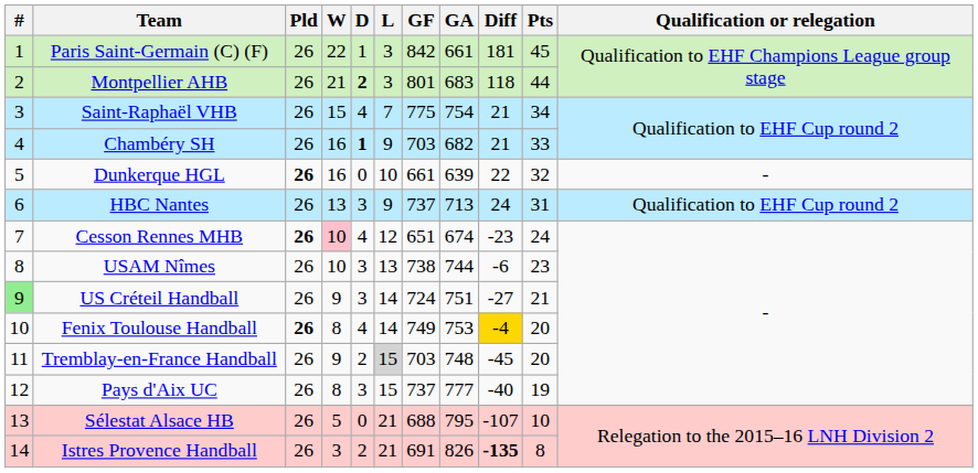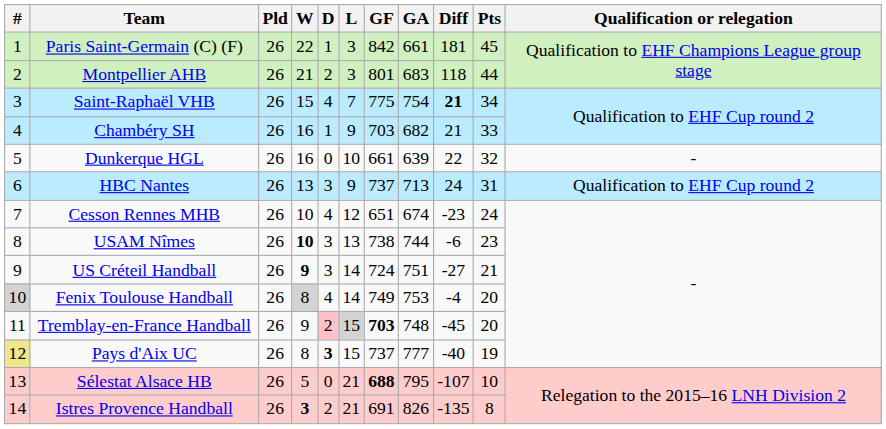 <table class="wikitable sortable" style="text-align:center">
 <tr>
 <th>#</th>
 <th width="200">Team</th>
 <th>Pld</th>
 <th>W</th>
 <th>D</th>
 <th>L</th>
 <th>GF</th>
 <th>GA</th>
 <th>Diff</th>
 <th>Pts</th>
 <th width="335">Qualification or relegation</th>
 </tr>
 <tr style="background: #D0F0C0;">
 <td>1</td>
 <td><a href='#'>Paris Saint-Germain</a> (C) (F)</td>
 <td>26</td>
 <td>22</td>
 <td>1</td>
 <td>3</td>
 <td>842</td>
 <td>661</td>
 <td>181</td>
 <td>45</td>
 <td rowspan="2">Qualification to <a href='#'>EHF Champions League group stage</a></td>
 </tr>
 <tr style="background: #D0F0C0;">
 <td>2</td>
 <td><a href='#'>Montpellier AHB</a></td>
 <td>26</td>
 <td>21</td>
-<td><strong>2</strong></td>
+<td>2</td>
 <td>3</td>
 <td>801</td>
 <td>683</td>
 <td>118</td>
 <td>44</td>
 </tr>
 <tr style="background: #BBEBFF;">
 <td>3</td>
 <td><a href='#'>Saint-Raphaël VHB</a></td>
 <td>26</td>
 <td>15</td>
 <td>4</td>
 <td>7</td>
 <td>775</td>
 <td>754</td>
-<td>21</td>
+<td><strong>21</strong></td>
 <td>34</td>
 <td rowspan="2">Qualification to <a href='#'>EHF Cup round 2</a></td>
 </tr>
 <tr style="background: #BBEBFF;">
 <td>4</td>
 <td><a href='#'>Chambéry SH</a></td>
 <td>26</td>
 <td>16</td>
-<td><strong>1</strong></td>
+<td>1</td>
 <td>9</td>
 <td>703</td>
 <td>682</td>
 <td>21</td>
 <td>33</td>
 </tr>
 <tr>
 <td>5</td>
 <td><a href='#'>Dunkerque HGL</a></td>
-<td><strong>26</strong></td>
+<td>26</td>
 <td>16</td>
 <td>0</td>
 <td>10</td>
 <td>661</td>
 <td>639</td>
 <td>22</td>
 <td>32</td>
 <td>-</td>
 </tr>
 <tr style="background: #BBEBFF;">
 <td>6</td>
 <td><a href='#'>HBC Nantes</a></td>
 <td>26</td>
 <td>13</td>
 <td>3</td>
 <td>9</td>
 <td>737</td>
 <td>713</td>
 <td>24</td>
 <td>31</td>
 <td>Qualification to <a href='#'>EHF Cup round 2</a></td>
 </tr>
 <tr>
 <td>7</td>
 <td><a href='#'>Cesson Rennes MHB</a></td>
-<td><strong>26</strong></td>
-<td style="background: pink;">10</td>
+<td>26</td>
+<td>10</td>
 <td>4</td>
 <td>12</td>
 <td>651</td>
 <td>674</td>
 <td>-23</td>
 <td>24</td>
 <td rowspan="6">-</td>
 </tr>
 <tr>
 <td>8</td>
 <td><a href='#'>USAM Nîmes</a></td>
 <td>26</td>
-<td>10</td>
+<td><strong>10</strong></td>
 <td>3</td>
 <td>13</td>
 <td>738</td>
 <td>744</td>
 <td>-6</td>
 <td>23</td>
 </tr>
 <tr>
-<td style="background: lightgreen;">9</td>
+<td>9</td>
 <td><a href='#'>US Créteil Handball</a></td>
 <td>26</td>
-<td>9</td>
+<td><strong>9</strong></td>
 <td>3</td>
 <td>14</td>
 <td>724</td>
 <td>751</td>
 <td>-27</td>
 <td>21</td>
 </tr>
 <tr>
-<td>10</td>
+<td style="background: lightgrey;">10</td>
 <td><a href='#'>Fenix Toulouse Handball</a></td>
-<td><strong>26</strong></td>
-<td>8</td>
+<td>26</td>
+<td style="background: lightgrey;">8</td>
 <td>4</td>
 <td>14</td>
 <td>749</td>
 <td>753</td>
-<td style="background: gold;">-4</td>
+<td>-4</td>
 <td>20</td>
 </tr>
 <tr>
 <td>11</td>
 <td><a href='#'>Tremblay-en-France Handball</a></td>
 <td>26</td>
 <td>9</td>
-<td>2</td>
+<td style="background: pink;">2</td>
 <td style="background: lightgrey;">15</td>
-<td>703</td>
+<td><strong>703</strong></td>
 <td>748</td>
 <td>-45</td>
 <td>20</td>
 </tr>
 <tr>
-<td>12</td>
+<td style="background: khaki;">12</td>
 <td><a href='#'>Pays d'Aix UC</a></td>
 <td>26</td>
 <td>8</td>
-<td>3</td>
+<td><strong>3</strong></td>
 <td>15</td>
 <td>737</td>
 <td>777</td>
 <td>-40</td>
 <td>19</td>
 </tr>
 <tr style="background: #FFCCCC;">
 <td>13</td>
 <td><a href='#'>Sélestat Alsace HB</a></td>
 <td>26</td>
 <td>5</td>
 <td>0</td>
 <td>21</td>
-<td>688</td>
+<td><strong>688</strong></td>
 <td>795</td>
 <td>-107</td>
 <td>10</td>
 <td rowspan="2">Relegation to the 2015–16 <a href='#'>LNH Division 2</a></td>
 </tr>
 <tr style="background: #FFCCCC;">
 <td>14</td>
 <td><a href='#'>Istres Provence Handball</a></td>
 <td>26</td>
-<td>3</td>
+<td><strong>3</strong></td>
 <td>2</td>
 <td>21</td>
 <td>691</td>
 <td>826</td>
-<td><strong>-135</strong></td>
+<td>-135</td>
 <td>8</td>
 </tr>
 </table>
